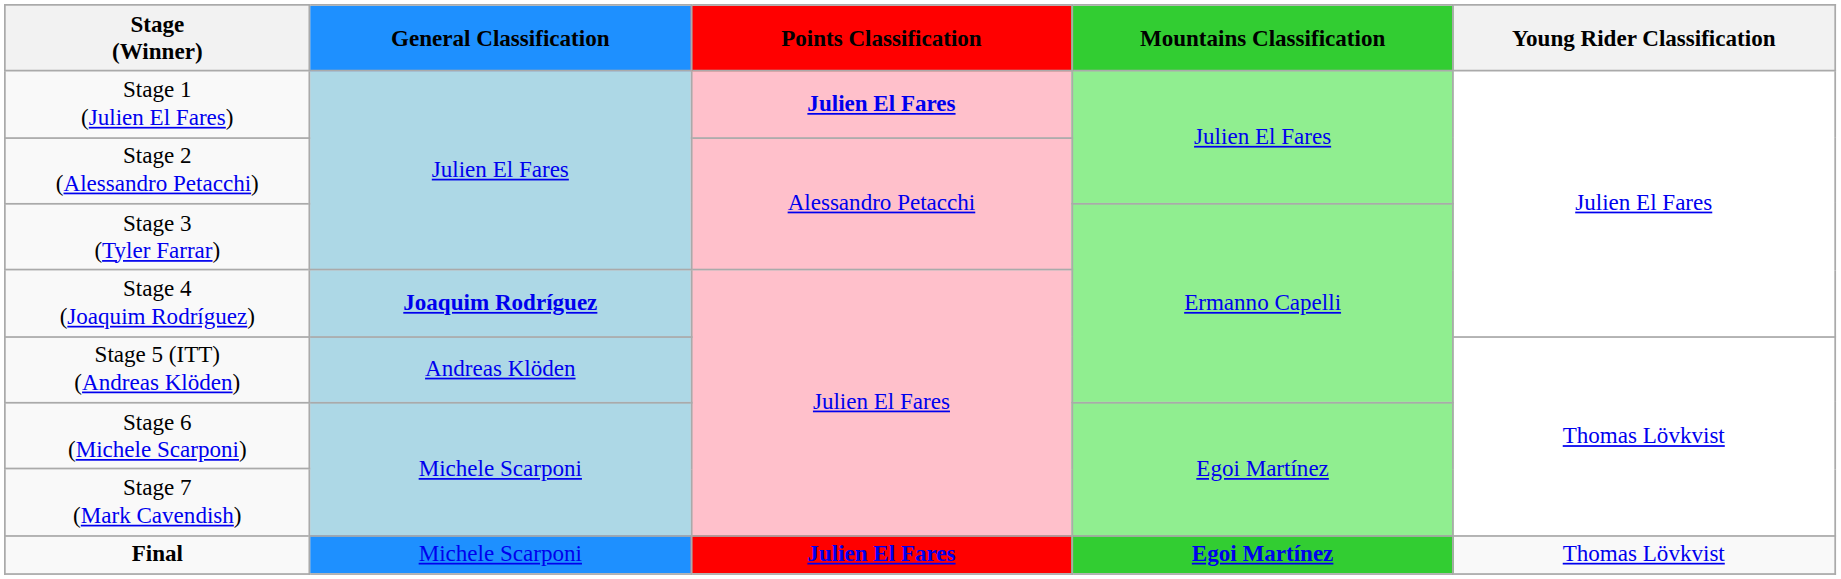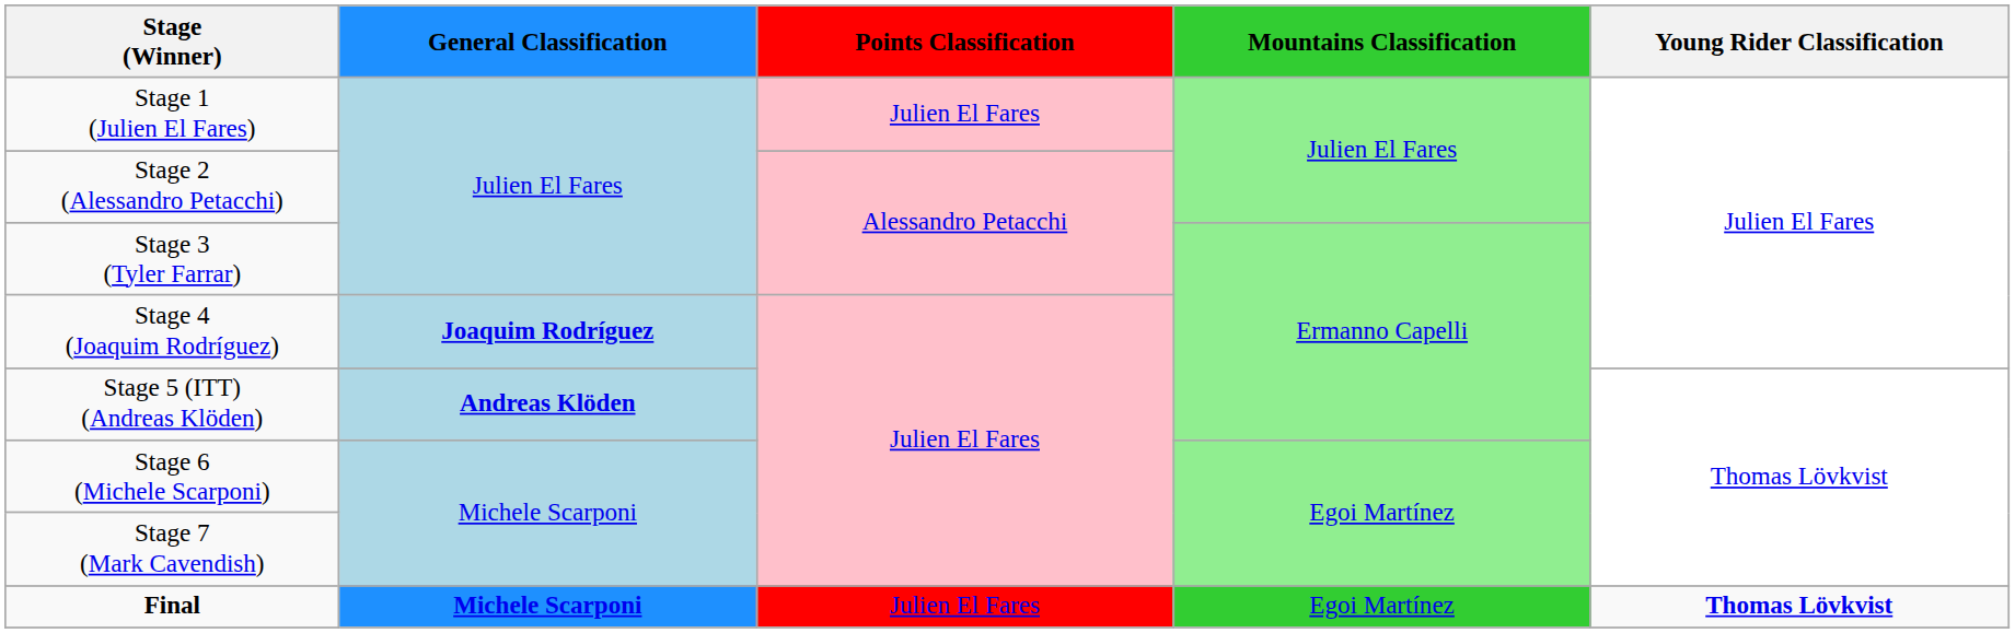 <table class="wikitable" style="text-align: center; font-size:smaller;">
 <tr>
 <th width="12%"><strong>Stage<br>(Winner)</strong></th>
 <th style="background-color:dodgerblue;" width="15%"><strong>General Classification</strong></th>
 <th style="background-color:red;" width="15%"><strong>Points Classification</strong></th>
 <th style="background-color:limegreen;" width="15%"><strong>Mountains Classification</strong></th>
 <th style="background-color:offwhite;" width="15%"><strong>Young Rider Classification</strong></th>
 </tr>
 <tr>
 <td>Stage 1<br>(<a href='#'>Julien El Fares</a>)</td>
 <td style="background-color:lightblue;" rowspan="3"><a href='#'>Julien El Fares</a></td>
-<td style="background-color:pink;" rowspan="1"><strong><a href='#'>Julien El Fares</a></strong></td>
+<td style="background-color:pink;" rowspan="1"><a href='#'>Julien El Fares</a></td>
 <td style="background-color:lightgreen;" rowspan="2"><a href='#'>Julien El Fares</a></td>
 <td style="background-color:white;" rowspan="4"><a href='#'>Julien El Fares</a></td>
 </tr>
 <tr>
 <td>Stage 2<br>(<a href='#'>Alessandro Petacchi</a>)</td>
 <td style="background-color:pink;" rowspan="2"><a href='#'>Alessandro Petacchi</a></td>
 </tr>
 <tr>
 <td>Stage 3<br>(<a href='#'>Tyler Farrar</a>)</td>
 <td style="background-color:lightgreen;" rowspan="3"><a href='#'>Ermanno Capelli</a></td>
 </tr>
 <tr>
 <td>Stage 4<br>(<a href='#'>Joaquim Rodríguez</a>)</td>
 <td style="background-color:lightblue;" rowspan="1"><strong><a href='#'>Joaquim Rodríguez</a></strong></td>
 <td style="background-color:pink;" rowspan="4"><a href='#'>Julien El Fares</a></td>
 </tr>
 <tr>
 <td>Stage 5 (ITT)<br> (<a href='#'>Andreas Klöden</a>)</td>
-<td style="background-color:lightblue;" rowspan="1"><a href='#'>Andreas Klöden</a></td>
+<td style="background-color:lightblue;" rowspan="1"><strong><a href='#'>Andreas Klöden</a></strong></td>
 <td style="background-color:white;" rowspan="3"><a href='#'>Thomas Lövkvist</a></td>
 </tr>
 <tr>
 <td>Stage 6<br>(<a href='#'>Michele Scarponi</a>)</td>
 <td style="background-color:lightblue;" rowspan="2"><a href='#'>Michele Scarponi</a></td>
 <td style="background-color:lightgreen;" rowspan="2"><a href='#'>Egoi Martínez</a></td>
 </tr>
 <tr>
 <td>Stage 7<br>(<a href='#'>Mark Cavendish</a>)</td>
 </tr>
 <tr>
 <td><strong>Final</strong><br></td>
-<td style="background-color:dodgerblue;" rowspan="1"><a href='#'>Michele Scarponi</a></td>
-<td style="background-color:red;" rowspan="1"><strong><a href='#'>Julien El Fares</a></strong></td>
-<td style="background-color:limegreen;" rowspan="1"><strong><a href='#'>Egoi Martínez</a></strong></td>
-<td style="background-color:offwhite;" rowspan="1"><a href='#'>Thomas Lövkvist</a></td>
+<td style="background-color:dodgerblue;" rowspan="1"><strong><a href='#'>Michele Scarponi</a></strong></td>
+<td style="background-color:red;" rowspan="1"><a href='#'>Julien El Fares</a></td>
+<td style="background-color:limegreen;" rowspan="1"><a href='#'>Egoi Martínez</a></td>
+<td style="background-color:offwhite;" rowspan="1"><strong><a href='#'>Thomas Lövkvist</a></strong></td>
 </tr>
 </table>
